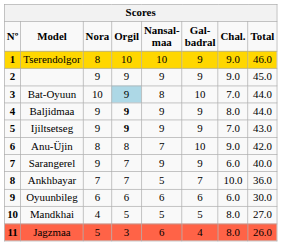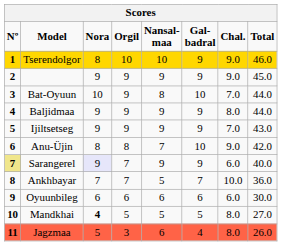 <table class="wikitable collapsible autocollapse" style="text-align:center;">
 <tr>
 <th colspan="8">Scores</th>
 </tr>
 <tr>
 <td><strong>Nº</strong></td>
 <td><strong>Model</strong></td>
 <td><strong>Nora</strong></td>
 <td><strong>Orgil</strong></td>
 <td><strong>Nansal-<br>maa</strong></td>
 <td><strong>Gal-<br>badral</strong></td>
 <td><strong>Chal.</strong></td>
 <td><strong>Total</strong></td>
 </tr>
 <tr>
 <td style="background:gold"><strong>1</strong></td>
 <td style="background:gold">Tserendolgor</td>
 <td style="background:gold">8</td>
 <td style="background:gold">10</td>
 <td style="background:gold">10</td>
 <td style="background:gold">9</td>
 <td style="background:gold">9.0</td>
 <td style="background:gold">46.0</td>
 </tr>
 <tr>
 <td><strong>2</strong></td>
 <td></td>
 <td>9</td>
 <td>9</td>
 <td>9</td>
 <td>9</td>
 <td>9.0</td>
 <td>45.0</td>
 </tr>
 <tr>
 <td><strong>3</strong></td>
 <td>Bat-Oyuun</td>
 <td>10</td>
-<td style="background: lightblue;">9</td>
+<td>9</td>
 <td>8</td>
 <td>10</td>
 <td>7.0</td>
 <td>44.0</td>
 </tr>
 <tr>
 <td><strong>4</strong></td>
 <td>Baljidmaa</td>
 <td>9</td>
-<td><strong>9</strong></td>
+<td>9</td>
 <td>9</td>
 <td>9</td>
 <td>8.0</td>
 <td>44.0</td>
 </tr>
 <tr>
 <td><strong>5</strong></td>
 <td>Ijiltsetseg</td>
 <td>9</td>
-<td><strong>9</strong></td>
+<td>9</td>
 <td>9</td>
 <td>9</td>
 <td>7.0</td>
 <td>43.0</td>
 </tr>
 <tr>
 <td><strong>6</strong></td>
 <td>Anu-Üjin</td>
 <td>8</td>
 <td>8</td>
 <td>7</td>
 <td>10</td>
 <td>9.0</td>
 <td>42.0</td>
 </tr>
 <tr>
-<td><strong>7</strong></td>
+<td style="background: khaki;"><strong>7</strong></td>
 <td>Sarangerel</td>
-<td>9</td>
+<td style="background: lavender;">9</td>
 <td>7</td>
 <td>9</td>
 <td>9</td>
 <td>6.0</td>
 <td>40.0</td>
 </tr>
 <tr>
 <td><strong>8</strong></td>
 <td>Ankhbayar</td>
 <td>7</td>
 <td>7</td>
 <td>5</td>
 <td>7</td>
 <td>10.0</td>
 <td>36.0</td>
 </tr>
 <tr>
 <td><strong>9</strong></td>
 <td>Oyuunbileg</td>
 <td>6</td>
 <td>6</td>
 <td>6</td>
 <td>6</td>
 <td>6.0</td>
 <td>30.0</td>
 </tr>
 <tr>
 <td><strong>10</strong></td>
 <td>Mandkhai</td>
-<td>4</td>
+<td><strong>4</strong></td>
 <td>5</td>
 <td>5</td>
 <td>5</td>
 <td>8.0</td>
 <td>27.0</td>
 </tr>
 <tr>
 <td style="background:tomato"><strong>11</strong></td>
 <td style="background:tomato">Jagzmaa</td>
 <td style="background:tomato">5</td>
 <td style="background:tomato">3</td>
 <td style="background:tomato">6</td>
 <td style="background:tomato">4</td>
 <td style="background:tomato">8.0</td>
 <td style="background:tomato">26.0</td>
 </tr>
 </table>
